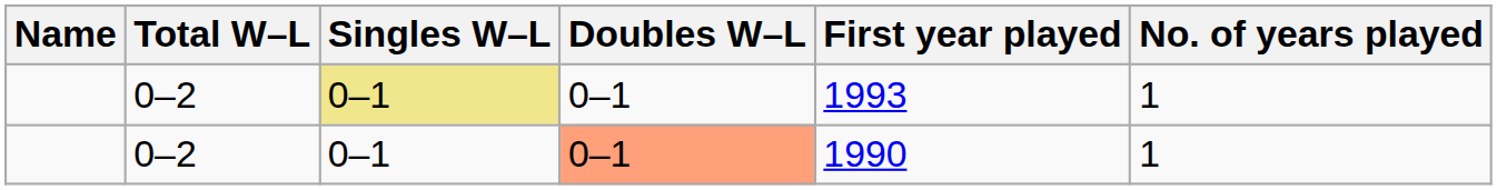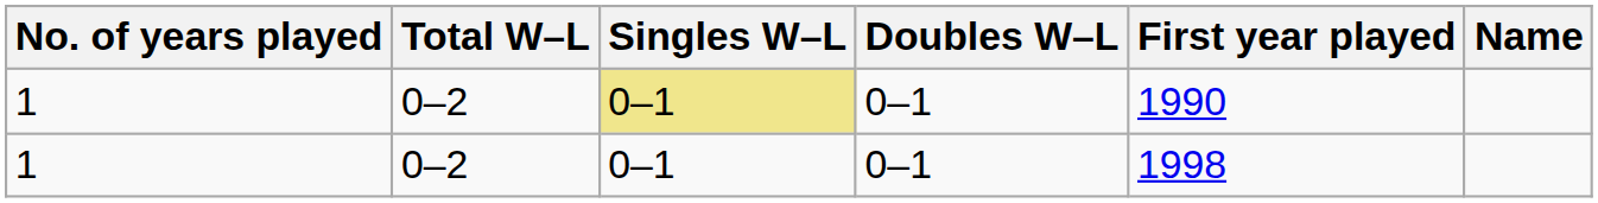 <table class="sortable wikitable">
 <tr>
-<th>Name</th>
+<th>No. of years played</th>
 <th>Total W–L</th>
 <th>Singles W–L</th>
 <th>Doubles W–L</th>
 <th>First year played</th>
-<th>No. of years played</th>
+<th>Name</th>
 </tr>
 <tr>
-<td></td>
+<td>1</td>
 <td>0–2</td>
 <td style="background: khaki;">0–1</td>
 <td>0–1</td>
-<td><a href='#'>1993</a></td>
-<td>1</td>
+<td><a href='#'>1990</a></td>
+<td></td>
 </tr>
 <tr>
-<td></td>
+<td>1</td>
 <td>0–2</td>
 <td>0–1</td>
-<td style="background: lightsalmon;">0–1</td>
-<td><a href='#'>1990</a></td>
-<td>1</td>
+<td>0–1</td>
+<td><a href='#'>1998</a></td>
+<td></td>
 </tr>
 </table>
